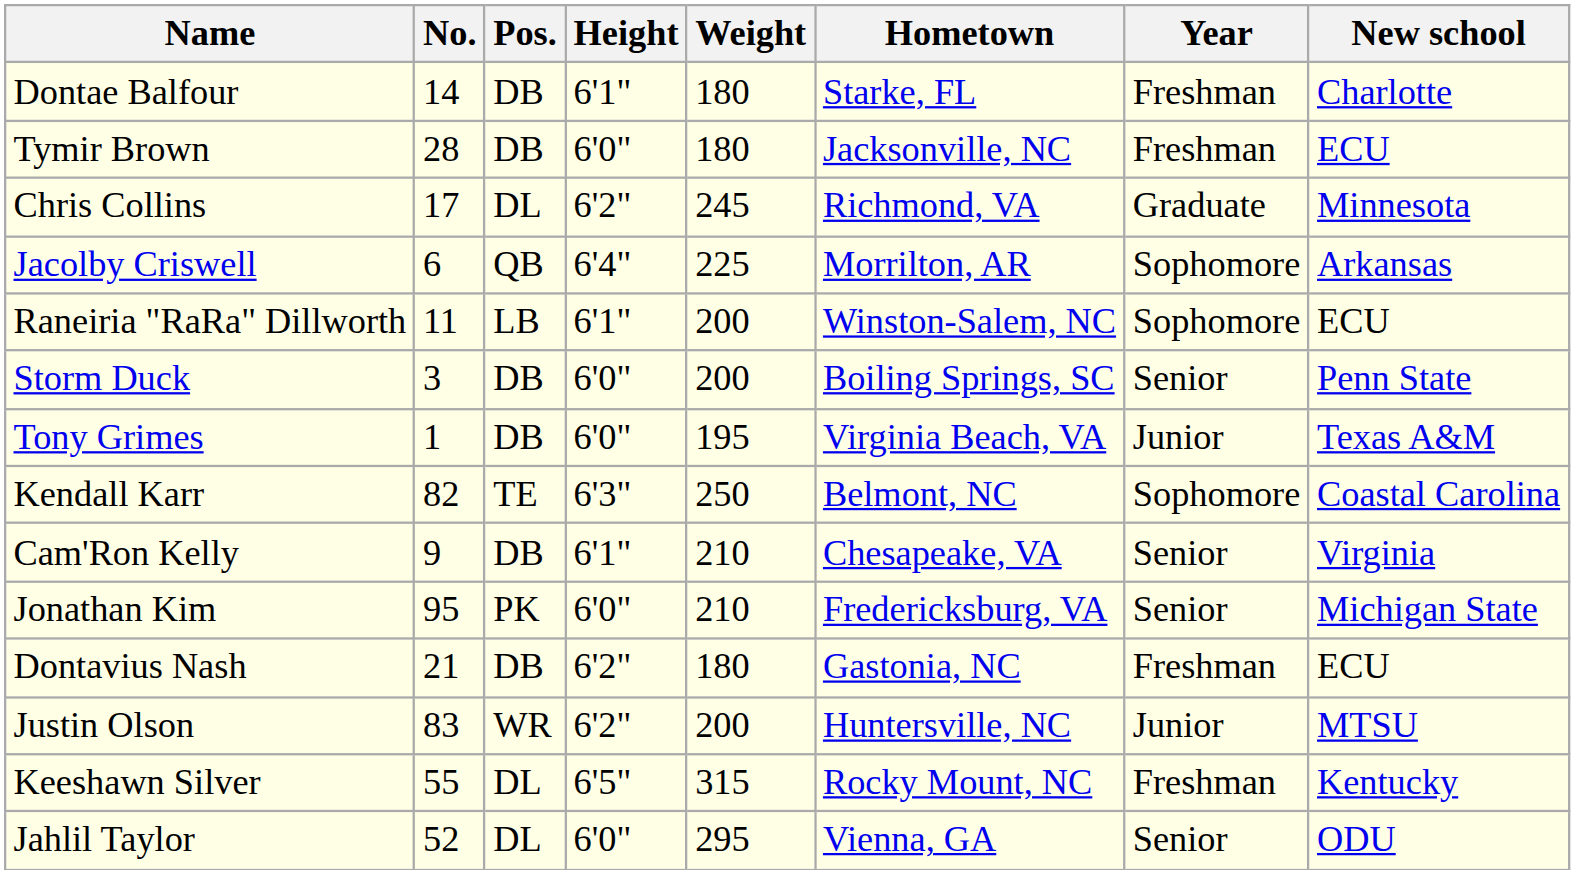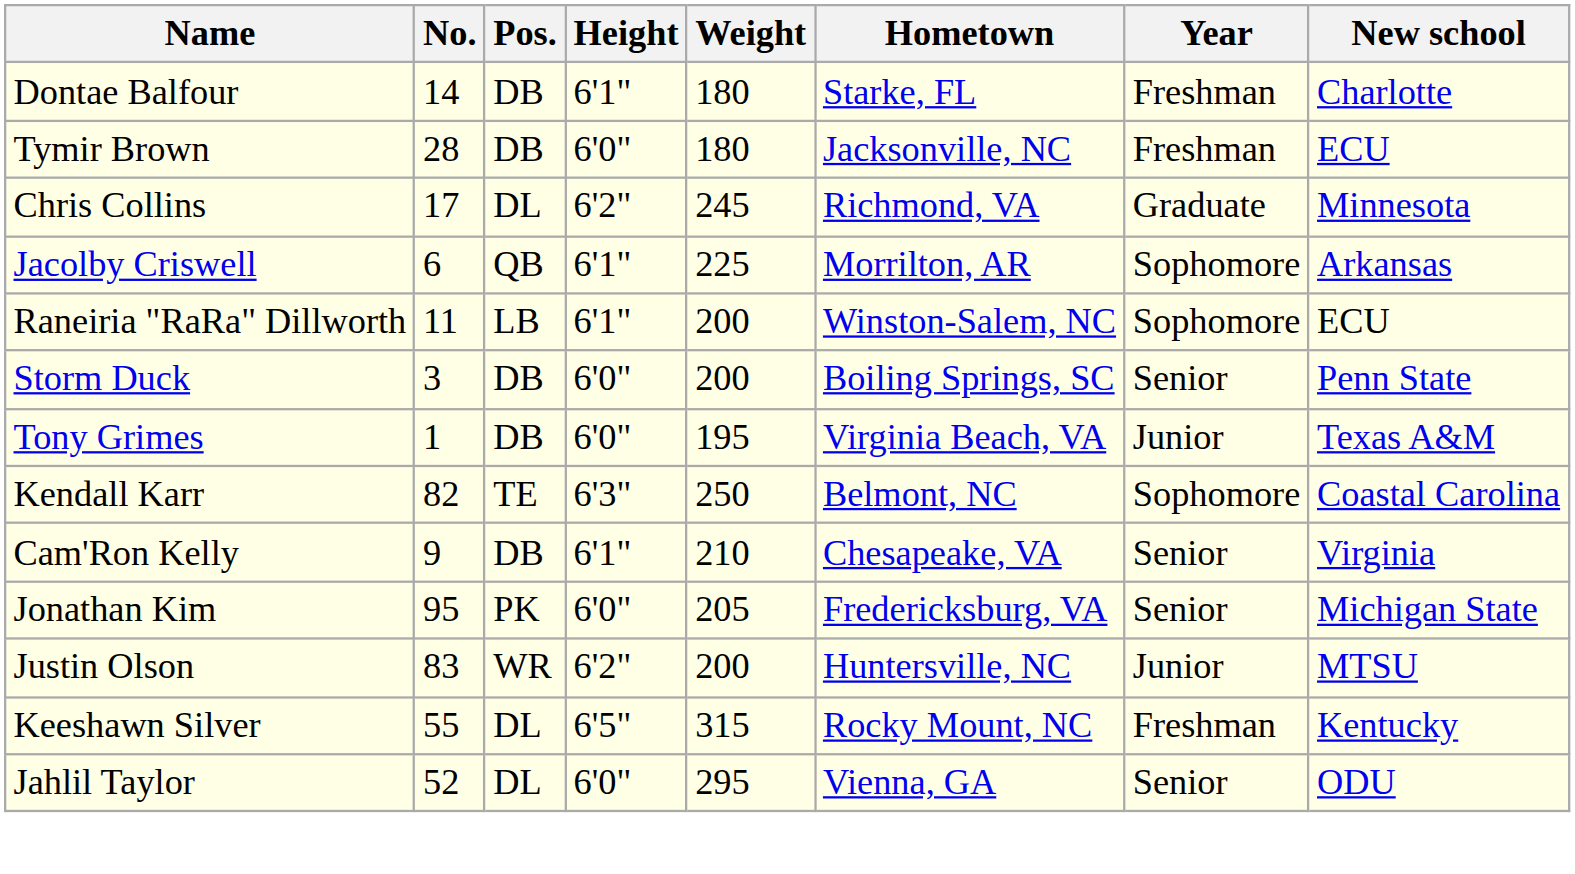 <table class="wikitable sortable">
 <tr>
 <th>Name</th>
 <th>No.</th>
 <th>Pos.</th>
 <th>Height</th>
 <th>Weight</th>
 <th>Hometown</th>
 <th>Year</th>
 <th class="unsortable">New school</th>
 </tr>
 <tr style="background:#FFFFE6;">
 <td>Dontae Balfour</td>
 <td>14</td>
 <td>DB</td>
 <td>6'1"</td>
 <td>180</td>
 <td><a href='#'>Starke, FL</a></td>
 <td> Freshman</td>
 <td><a href='#'>Charlotte</a></td>
 </tr>
 <tr style="background:#FFFFE6;">
 <td>Tymir Brown</td>
 <td>28</td>
 <td>DB</td>
 <td>6'0"</td>
 <td>180</td>
 <td><a href='#'>Jacksonville, NC</a></td>
 <td> Freshman</td>
 <td><a href='#'>ECU</a></td>
 </tr>
 <tr style="background:#FFFFE6;">
 <td>Chris Collins</td>
 <td>17</td>
 <td>DL</td>
 <td>6'2"</td>
 <td>245</td>
 <td><a href='#'>Richmond, VA</a></td>
 <td>Graduate</td>
 <td><a href='#'>Minnesota</a></td>
 </tr>
 <tr style="background:#FFFFE6;">
 <td><a href='#'>Jacolby Criswell</a></td>
 <td>6</td>
 <td>QB</td>
-<td>6'4"</td>
+<td>6'1"</td>
 <td>225</td>
 <td><a href='#'>Morrilton, AR</a></td>
 <td>Sophomore</td>
 <td><a href='#'>Arkansas</a></td>
 </tr>
 <tr style="background:#FFFFE6;">
 <td>Raneiria "RaRa" Dillworth</td>
 <td>11</td>
 <td>LB</td>
 <td>6'1"</td>
 <td>200</td>
 <td><a href='#'>Winston-Salem, NC</a></td>
 <td>Sophomore</td>
 <td>ECU</td>
 </tr>
 <tr style="background:#FFFFE6;">
 <td><a href='#'>Storm Duck</a></td>
 <td>3</td>
 <td>DB</td>
 <td>6'0"</td>
 <td>200</td>
 <td><a href='#'>Boiling Springs, SC</a></td>
 <td>Senior</td>
 <td><a href='#'>Penn State</a></td>
 </tr>
 <tr style="background:#FFFFE6;">
 <td><a href='#'>Tony Grimes</a></td>
 <td>1</td>
 <td>DB</td>
 <td>6'0"</td>
 <td>195</td>
 <td><a href='#'>Virginia Beach, VA</a></td>
 <td>Junior</td>
 <td><a href='#'>Texas A&M</a></td>
 </tr>
 <tr style="background:#FFFFE6;">
 <td>Kendall Karr</td>
 <td>82</td>
 <td>TE</td>
 <td>6'3"</td>
 <td>250</td>
 <td><a href='#'>Belmont, NC</a></td>
 <td>Sophomore</td>
 <td><a href='#'>Coastal Carolina</a></td>
 </tr>
 <tr style="background:#FFFFE6;">
 <td>Cam'Ron Kelly</td>
 <td>9</td>
 <td>DB</td>
 <td>6'1"</td>
 <td>210</td>
 <td><a href='#'>Chesapeake, VA</a></td>
 <td>Senior</td>
 <td><a href='#'>Virginia</a></td>
 </tr>
 <tr style="background:#FFFFE6;">
 <td>Jonathan Kim</td>
 <td>95</td>
 <td>PK</td>
 <td>6'0"</td>
-<td>210</td>
+<td>205</td>
 <td><a href='#'>Fredericksburg, VA</a></td>
 <td>Senior</td>
 <td><a href='#'>Michigan State</a></td>
-</tr>
-<tr style="background:#FFFFE6;">
-<td>Dontavius Nash</td>
-<td>21</td>
-<td>DB</td>
-<td>6'2"</td>
-<td>180</td>
-<td><a href='#'>Gastonia, NC</a></td>
-<td> Freshman</td>
-<td>ECU</td>
 </tr>
 <tr style="background:#FFFFE6;">
 <td>Justin Olson</td>
 <td>83</td>
 <td>WR</td>
 <td>6'2"</td>
 <td>200</td>
 <td><a href='#'>Huntersville, NC</a></td>
 <td>Junior</td>
 <td><a href='#'>MTSU</a></td>
 </tr>
 <tr style="background:#FFFFE6;">
 <td>Keeshawn Silver</td>
 <td>55</td>
 <td>DL</td>
 <td>6'5"</td>
 <td>315</td>
 <td><a href='#'>Rocky Mount, NC</a></td>
 <td> Freshman</td>
 <td><a href='#'>Kentucky</a></td>
 </tr>
 <tr style="background:#FFFFE6;">
 <td>Jahlil Taylor</td>
 <td>52</td>
 <td>DL</td>
 <td>6'0"</td>
 <td>295</td>
 <td><a href='#'>Vienna, GA</a></td>
 <td>Senior</td>
 <td><a href='#'>ODU</a></td>
 </tr>
 </table>
